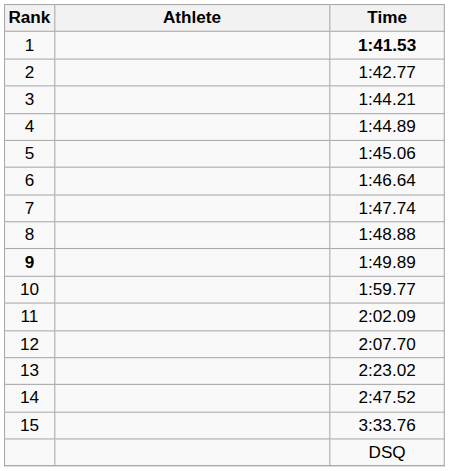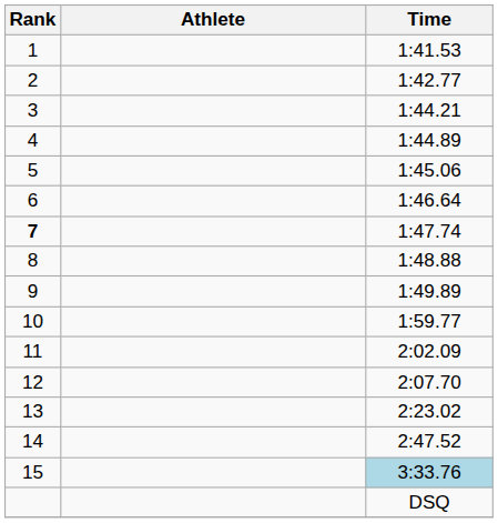 <table class="wikitable" style="text-align:center;">
 <tr>
 <th width=25>Rank</th>
 <th width=250>Athlete</th>
 <th width=100>Time</th>
 </tr>
 <tr>
 <td>1</td>
 <td align="left"></td>
-<td><strong>1:41.53</strong></td>
+<td>1:41.53</td>
 </tr>
 <tr>
 <td>2</td>
 <td align="left"></td>
 <td>1:42.77</td>
 </tr>
 <tr>
 <td>3</td>
 <td align="left"></td>
 <td>1:44.21</td>
 </tr>
 <tr>
 <td>4</td>
 <td align="left"></td>
 <td>1:44.89</td>
 </tr>
 <tr>
 <td>5</td>
 <td align="left"></td>
 <td>1:45.06</td>
 </tr>
 <tr>
 <td>6</td>
 <td align="left"></td>
 <td>1:46.64</td>
 </tr>
 <tr>
-<td>7</td>
+<td><strong>7</strong></td>
 <td align="left"></td>
 <td>1:47.74</td>
 </tr>
 <tr>
 <td>8</td>
 <td align="left"></td>
 <td>1:48.88</td>
 </tr>
 <tr>
-<td><strong>9</strong></td>
+<td>9</td>
 <td align="left"></td>
 <td>1:49.89</td>
 </tr>
 <tr>
 <td>10</td>
 <td align="left"></td>
 <td>1:59.77</td>
 </tr>
 <tr>
 <td>11</td>
 <td align="left"></td>
 <td>2:02.09</td>
 </tr>
 <tr>
 <td>12</td>
 <td align="left"></td>
 <td>2:07.70</td>
 </tr>
 <tr>
 <td>13</td>
 <td align="left"></td>
 <td>2:23.02</td>
 </tr>
 <tr>
 <td>14</td>
 <td align="left"></td>
 <td>2:47.52</td>
 </tr>
 <tr>
 <td>15</td>
 <td align="left"></td>
-<td>3:33.76</td>
+<td style="background: lightblue;">3:33.76</td>
 </tr>
 <tr>
 <td></td>
 <td align="left"></td>
 <td>DSQ</td>
 </tr>
 <tr>
 </tr>
 </table>
